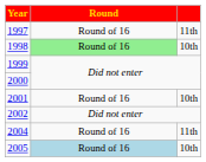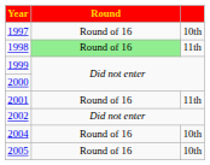 <table class="wikitable" style="text-align: center; font-size:90%">
 <tr style="color:gold;">
 <th style="background:#FF0000;">Year</th>
 <th style="background:#FF0000; width:200px">Round</th>
 <th style="background:#FF0000;"></th>
 </tr>
 <tr>
 <td><a href='#'>1997</a></td>
 <td>Round of 16</td>
-<td>11th</td>
+<td>10th</td>
 </tr>
 <tr>
 <td><a href='#'>1998</a></td>
 <td style="background: lightgreen;">Round of 16</td>
-<td>10th</td>
+<td>11th</td>
 </tr>
 <tr>
 <td><a href='#'>1999</a></td>
 <td colspan="2" rowspan="2"><em>Did not enter</em></td>
 </tr>
 <tr>
 <td><a href='#'>2000</a></td>
 </tr>
 <tr>
 <td><a href='#'>2001</a></td>
 <td>Round of 16</td>
-<td>10th</td>
+<td>11th</td>
 </tr>
 <tr>
 <td><a href='#'>2002</a></td>
 <td colspan="2"><em>Did not enter</em></td>
 </tr>
 <tr>
 <td><a href='#'>2004</a></td>
 <td>Round of 16</td>
-<td>11th</td>
+<td>10th</td>
 </tr>
 <tr>
 <td><a href='#'>2005</a></td>
-<td style="background: lightblue;">Round of 16</td>
+<td>Round of 16</td>
 <td>10th</td>
 </tr>
 </table>
